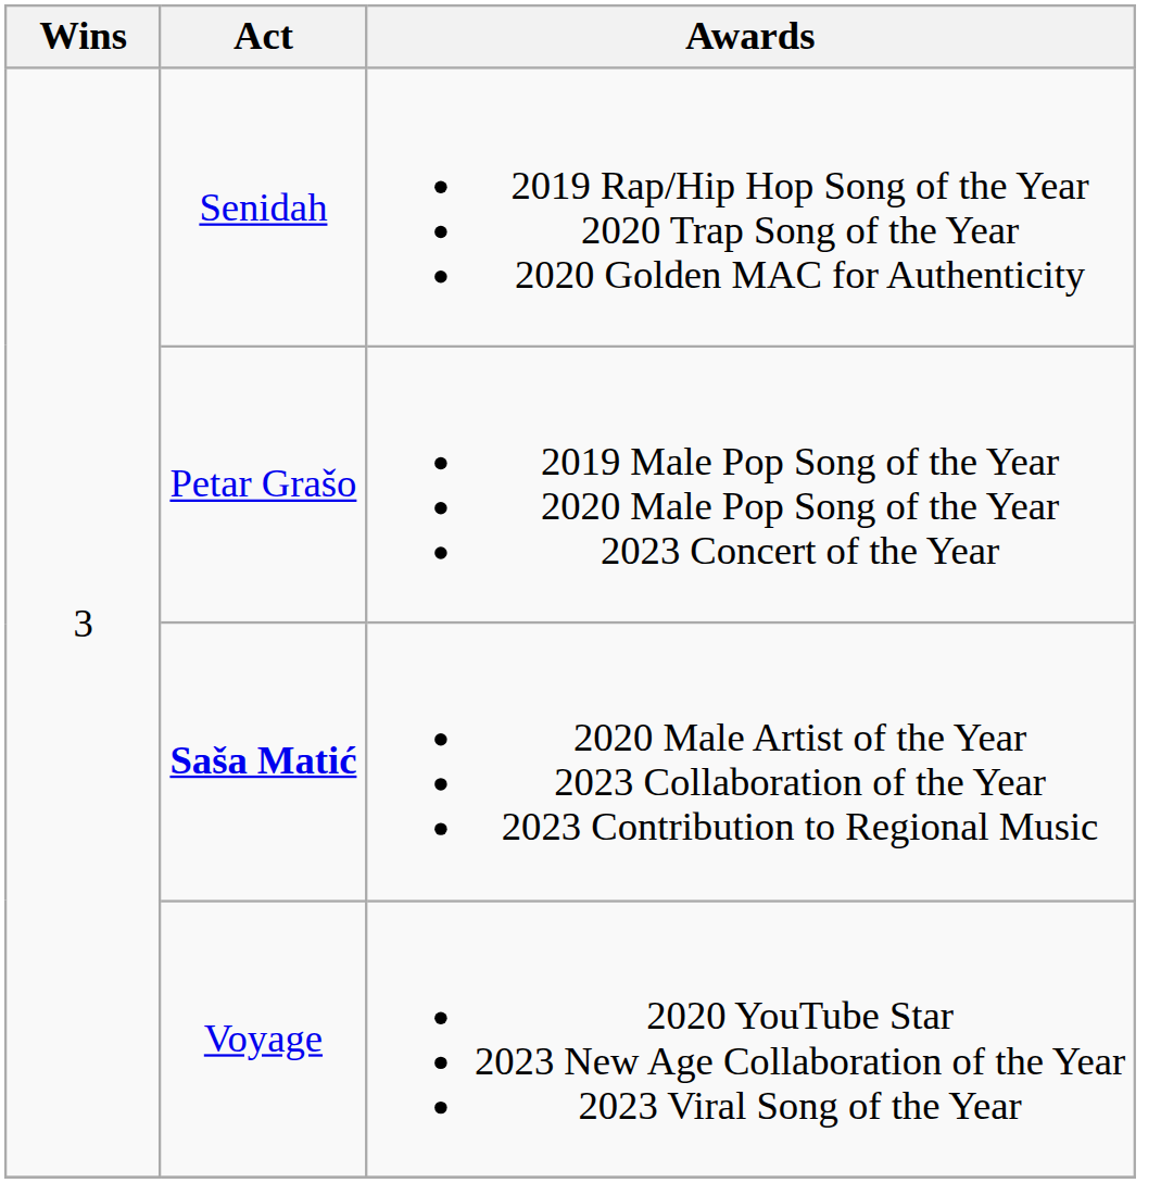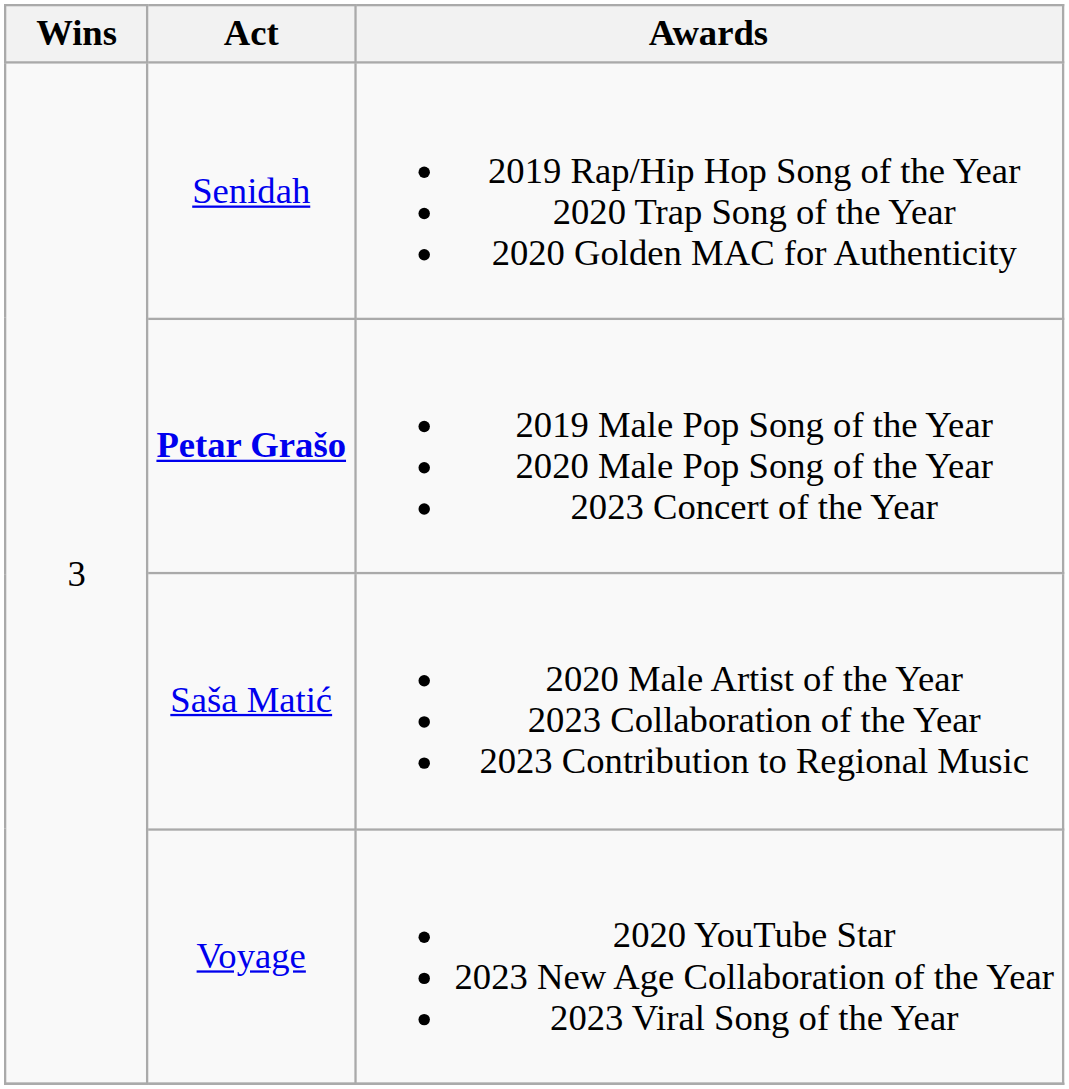 <table class="wikitable plainrowheaders" style="text-align:center;">
 <tr>
 <th scope="col" style="width:55px;">Wins</th>
 <th scope="col" style="text-align:center;">Act</th>
 <th scope="col" style="text-align:center;">Awards</th>
 </tr>
 <tr>
 <td scope=row rowspan="4" style="text-align:center">3</td>
 <td><a href='#'>Senidah</a></td>
 <td><br><ul><li>2019 Rap/Hip Hop Song of the Year</li><li>2020 Trap Song of the Year</li><li>2020 Golden MAC for Authenticity</li></ul></td>
 </tr>
 <tr>
-<td><a href='#'>Petar Grašo</a></td>
+<td><strong><a href='#'>Petar Grašo</a></strong></td>
 <td><br><ul><li>2019 Male Pop Song of the Year</li><li>2020 Male Pop Song of the Year</li><li>2023 Concert of the Year</li></ul></td>
 </tr>
 <tr>
-<td><strong><a href='#'>Saša Matić</a></strong></td>
+<td><a href='#'>Saša Matić</a></td>
 <td><br><ul><li>2020 Male Artist of the Year</li><li>2023 Collaboration of the Year</li><li>2023 Contribution to Regional Music</li></ul></td>
 </tr>
 <tr>
 <td><a href='#'>Voyage</a></td>
 <td><br><ul><li>2020 YouTube Star</li><li>2023 New Age Collaboration of the Year</li><li>2023 Viral Song of the Year</li></ul></td>
 </tr>
 <tr>
 </tr>
 </table>
